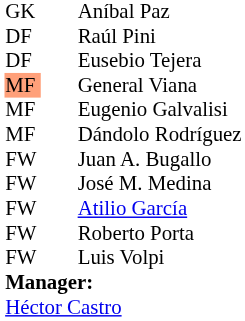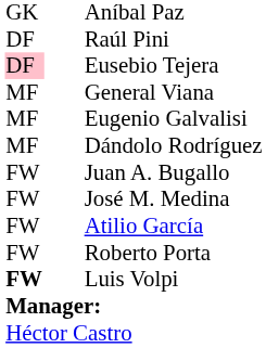 <table style="font-size:90%; margin:0.2em auto;" cellspacing="0" cellpadding="0">
 <tr>
 <th width="25"></th>
 <th width="25"></th>
 </tr>
 <tr>
 <td>GK</td>
 <td></td>
 <td> Aníbal Paz</td>
 </tr>
 <tr>
 <td>DF</td>
 <td></td>
 <td> Raúl Pini</td>
 </tr>
 <tr>
-<td>DF</td>
+<td style="background: pink;">DF</td>
 <td></td>
 <td> Eusebio Tejera</td>
 </tr>
 <tr>
-<td style="background: lightsalmon;">MF</td>
+<td>MF</td>
 <td></td>
 <td> General Viana</td>
 </tr>
 <tr>
 <td>MF</td>
 <td></td>
 <td> Eugenio Galvalisi</td>
 </tr>
 <tr>
 <td>MF</td>
 <td></td>
 <td> Dándolo Rodríguez</td>
 </tr>
 <tr>
 <td>FW</td>
 <td></td>
 <td> Juan A. Bugallo</td>
 </tr>
 <tr>
 <td>FW</td>
 <td></td>
 <td> José M. Medina</td>
 </tr>
 <tr>
 <td>FW</td>
 <td></td>
 <td> <a href='#'>Atilio García</a></td>
 </tr>
 <tr>
 <td>FW</td>
 <td></td>
 <td> Roberto Porta</td>
 </tr>
 <tr>
-<td>FW</td>
+<td><strong>FW</strong></td>
 <td></td>
 <td> Luis Volpi</td>
 </tr>
 <tr>
 <td colspan=3><strong>Manager:</strong></td>
 </tr>
 <tr>
 <td colspan=4> <a href='#'>Héctor Castro</a></td>
 </tr>
 </table>
